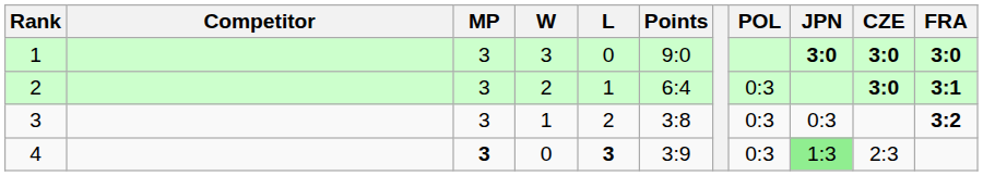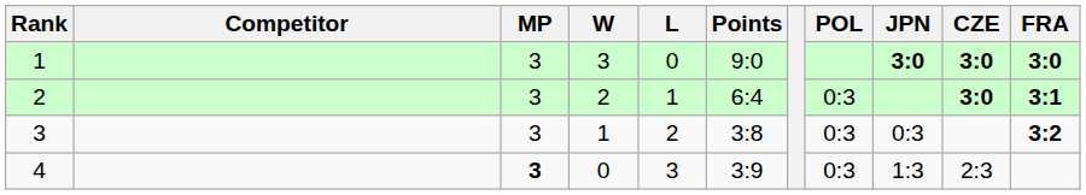 <table class="wikitable" style="text-align:center">
 <tr>
 <th>Rank</th>
 <th style="width:18em">Competitor</th>
 <th style="width:2.5em">MP</th>
 <th style="width:2.5em">W</th>
 <th style="width:2.5em">L</th>
 <th>Points</th>
 <th rowspan="5"> </th>
 <th style="width:2.5em">POL</th>
 <th style="width:2.5em">JPN</th>
 <th style="width:2.5em">CZE</th>
 <th style="width:2.5em">FRA</th>
 </tr>
 <tr style="background:#cfc;">
 <td>1</td>
 <td style="text-align:left"></td>
 <td>3</td>
 <td>3</td>
 <td>0</td>
 <td>9:0</td>
 <td></td>
 <td><strong>3:0</strong></td>
 <td><strong>3:0</strong></td>
 <td><strong>3:0</strong></td>
 </tr>
 <tr style="background:#cfc;">
 <td>2</td>
 <td style="text-align:left"></td>
 <td>3</td>
 <td>2</td>
 <td>1</td>
 <td>6:4</td>
 <td>0:3</td>
 <td></td>
 <td><strong>3:0</strong></td>
 <td><strong>3:1</strong></td>
 </tr>
 <tr>
 <td>3</td>
 <td style="text-align:left"></td>
 <td>3</td>
 <td>1</td>
 <td>2</td>
 <td>3:8</td>
 <td>0:3</td>
 <td>0:3</td>
 <td></td>
 <td><strong>3:2</strong></td>
 </tr>
 <tr>
 <td>4</td>
 <td style="text-align:left"></td>
 <td><strong>3</strong></td>
 <td>0</td>
-<td><strong>3</strong></td>
+<td>3</td>
 <td>3:9</td>
 <td>0:3</td>
-<td style="background: lightgreen;">1:3</td>
+<td>1:3</td>
 <td>2:3</td>
 <td></td>
 </tr>
 </table>
